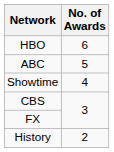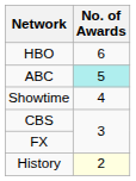 <table class="wikitable">
 <tr>
 <th>Network</th>
 <th>No. of<br>Awards</th>
 </tr>
 <tr style="text-align:center">
 <td>HBO</td>
 <td>6</td>
 </tr>
 <tr style="text-align:center">
 <td>ABC</td>
-<td>5</td>
+<td style="background: paleturquoise;">5</td>
 </tr>
 <tr style="text-align:center">
 <td>Showtime</td>
 <td>4</td>
 </tr>
 <tr style="text-align:center">
 <td>CBS</td>
 <td rowspan="2">3</td>
 </tr>
 <tr style="text-align:center">
 <td>FX</td>
 </tr>
 <tr style="text-align:center">
 <td>History</td>
-<td>2</td>
+<td style="background: lightyellow;">2</td>
 </tr>
 </table>
